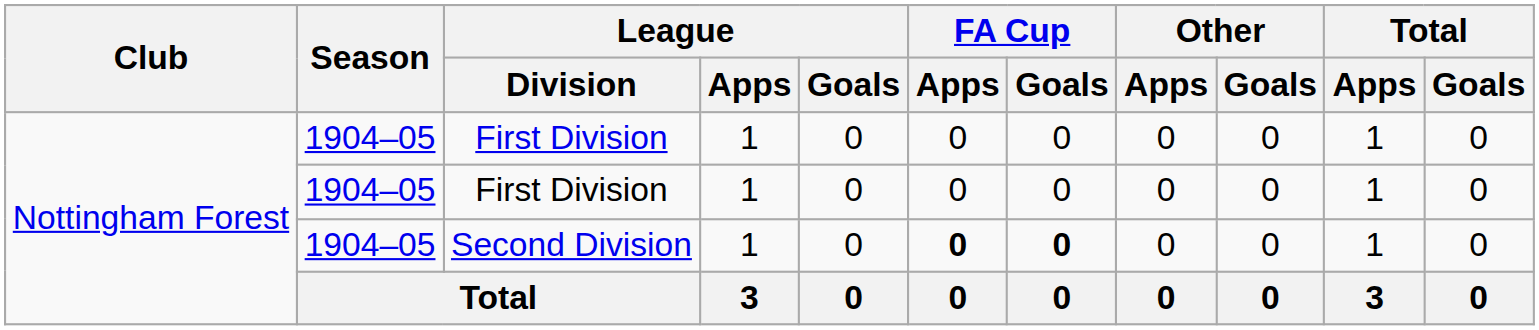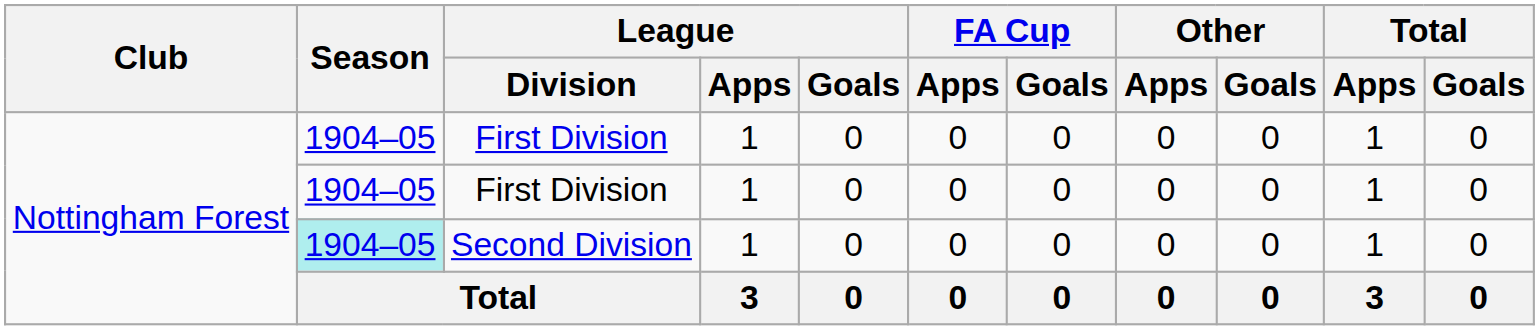 <table class="wikitable" style="text-align:center">
 <tr>
 <th rowspan="2">Club</th>
 <th rowspan="2">Season</th>
 <th colspan="3">League</th>
 <th colspan="2"><a href='#'>FA Cup</a></th>
 <th colspan="2">Other</th>
 <th colspan="2">Total</th>
 </tr>
 <tr>
 <th>Division</th>
 <th>Apps</th>
 <th>Goals</th>
 <th>Apps</th>
 <th>Goals</th>
 <th>Apps</th>
 <th>Goals</th>
 <th>Apps</th>
 <th>Goals</th>
 </tr>
 <tr>
 <td rowspan="4"><a href='#'>Nottingham Forest</a></td>
 <td><a href='#'>1904–05</a></td>
 <td><a href='#'>First Division</a></td>
 <td>1</td>
 <td>0</td>
 <td>0</td>
 <td>0</td>
 <td>0</td>
 <td>0</td>
 <td>1</td>
 <td>0</td>
 </tr>
 <tr>
 <td><a href='#'>1904–05</a></td>
 <td>First Division</td>
 <td>1</td>
 <td>0</td>
 <td>0</td>
 <td>0</td>
 <td>0</td>
 <td>0</td>
 <td>1</td>
 <td>0</td>
 </tr>
 <tr>
-<td><a href='#'>1904–05</a></td>
+<td style="background: paleturquoise;"><a href='#'>1904–05</a></td>
 <td><a href='#'>Second Division</a></td>
 <td>1</td>
 <td>0</td>
-<td><strong>0</strong></td>
-<td><strong>0</strong></td>
+<td>0</td>
+<td>0</td>
 <td>0</td>
 <td>0</td>
 <td>1</td>
 <td>0</td>
 </tr>
 <tr>
 <th colspan="2">Total</th>
 <th>3</th>
 <th>0</th>
 <th>0</th>
 <th>0</th>
 <th>0</th>
 <th>0</th>
 <th>3</th>
 <th>0</th>
 </tr>
 </table>
